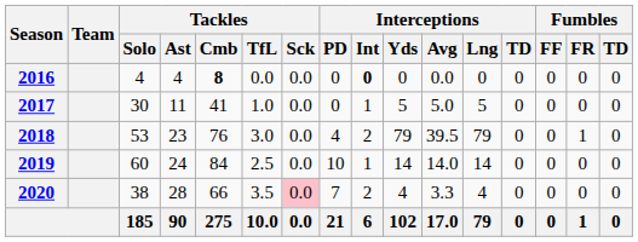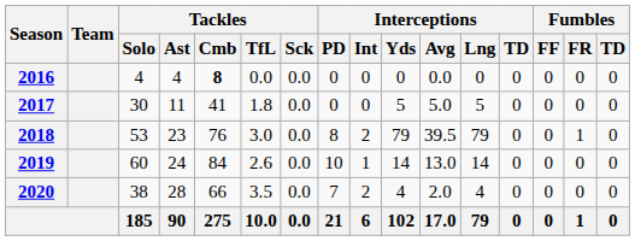 <table class="wikitable" style="text-align:center;">
 <tr>
 <th scope="col" rowspan="2">Season</th>
 <th scope="col" rowspan="2">Team</th>
 <th scope="col" colspan="5">Tackles</th>
 <th scope="col" colspan="6">Interceptions</th>
 <th scope="col" colspan="3">Fumbles</th>
 </tr>
 <tr>
 <th scope="col">Solo</th>
 <th scope="col">Ast</th>
 <th scope="col">Cmb</th>
 <th scope="col">TfL</th>
 <th scope="col">Sck</th>
 <th scope="col">PD</th>
 <th scope="col">Int</th>
 <th scope="col">Yds</th>
 <th scope="col">Avg</th>
 <th scope="col">Lng</th>
 <th scope="col">TD</th>
 <th scope="col">FF</th>
 <th scope="col">FR</th>
 <th scope="col">TD</th>
 </tr>
 <tr>
 <th scope="row"><a href='#'>2016</a></th>
 <th><a href='#'></a></th>
 <td>4</td>
 <td>4</td>
 <td><strong>8</strong></td>
 <td>0.0</td>
 <td>0.0</td>
 <td>0</td>
-<td><strong>0</strong></td>
+<td>0</td>
 <td>0</td>
 <td>0.0</td>
 <td>0</td>
 <td>0</td>
 <td>0</td>
 <td>0</td>
 <td>0</td>
 </tr>
 <tr>
 <th scope="row"><a href='#'>2017</a></th>
 <th><a href='#'></a></th>
 <td>30</td>
 <td>11</td>
 <td>41</td>
-<td>1.0</td>
+<td>1.8</td>
 <td>0.0</td>
 <td>0</td>
-<td>1</td>
+<td>0</td>
 <td>5</td>
 <td>5.0</td>
 <td>5</td>
 <td>0</td>
 <td>0</td>
 <td>0</td>
 <td>0</td>
 </tr>
 <tr>
 <th scope="row"><a href='#'>2018</a></th>
 <th><a href='#'></a></th>
 <td>53</td>
 <td>23</td>
 <td>76</td>
 <td>3.0</td>
 <td>0.0</td>
-<td>4</td>
+<td>8</td>
 <td>2</td>
 <td>79</td>
 <td>39.5</td>
 <td>79</td>
 <td>0</td>
 <td>0</td>
 <td>1</td>
 <td>0</td>
 </tr>
 <tr>
 <th scope="row"><a href='#'>2019</a></th>
 <th><a href='#'></a></th>
 <td>60</td>
 <td>24</td>
 <td>84</td>
-<td>2.5</td>
+<td>2.6</td>
 <td>0.0</td>
 <td>10</td>
 <td>1</td>
 <td>14</td>
-<td>14.0</td>
+<td>13.0</td>
 <td>14</td>
 <td>0</td>
 <td>0</td>
 <td>0</td>
 <td>0</td>
 </tr>
 <tr>
 <th scope="row"><a href='#'>2020</a></th>
 <th><a href='#'></a></th>
 <td>38</td>
 <td>28</td>
 <td>66</td>
 <td>3.5</td>
-<td style="background: pink;">0.0</td>
+<td>0.0</td>
 <td>7</td>
 <td>2</td>
 <td>4</td>
-<td>3.3</td>
+<td>2.0</td>
 <td>4</td>
 <td>0</td>
 <td>0</td>
 <td>0</td>
 <td>0</td>
 </tr>
 <tr>
 <th colspan="2"></th>
 <th>185</th>
 <th>90</th>
 <th>275</th>
 <th>10.0</th>
 <th>0.0</th>
 <th>21</th>
 <th>6</th>
 <th>102</th>
 <th>17.0</th>
 <th>79</th>
 <th>0</th>
 <th>0</th>
 <th>1</th>
 <th>0</th>
 </tr>
 </table>
